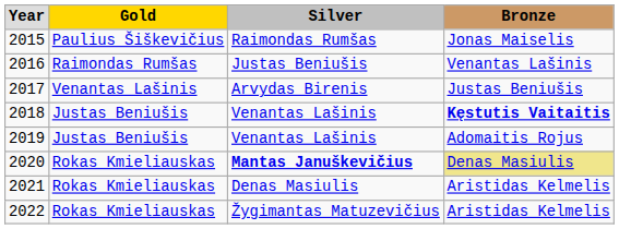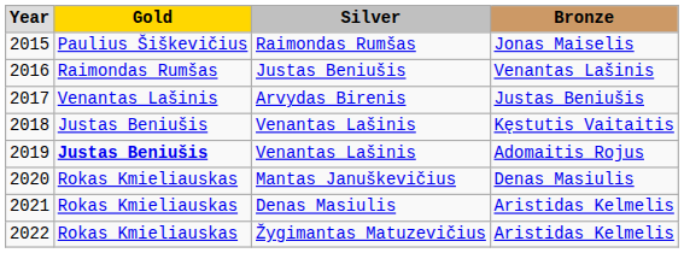 <table class="wikitable sortable alternance" style="font-size:95%">
 <tr style="text-align:center; background:#e4e4e4; font-weight:bold;">
 <td style="background:#ddd; ">Year</td>
 <td style="background:gold; ">Gold</td>
 <td style="background:silver; ">Silver</td>
 <td style="background:#c96; ">Bronze</td>
 </tr>
 <tr>
 <td>2015</td>
 <td><a href='#'>Paulius Šiškevičius</a></td>
 <td><a href='#'>Raimondas Rumšas</a></td>
 <td><a href='#'>Jonas Maiselis</a></td>
 </tr>
 <tr>
 <td>2016</td>
 <td><a href='#'>Raimondas Rumšas</a></td>
 <td><a href='#'>Justas Beniušis</a></td>
 <td><a href='#'>Venantas Lašinis</a></td>
 </tr>
 <tr>
 <td>2017</td>
 <td><a href='#'>Venantas Lašinis</a></td>
 <td><a href='#'>Arvydas Birenis</a></td>
 <td><a href='#'>Justas Beniušis</a></td>
 </tr>
 <tr>
 <td>2018</td>
 <td><a href='#'>Justas Beniušis</a></td>
 <td><a href='#'>Venantas Lašinis</a></td>
-<td><strong><a href='#'>Kęstutis Vaitaitis</a></strong></td>
+<td><a href='#'>Kęstutis Vaitaitis</a></td>
 </tr>
 <tr>
 <td>2019</td>
-<td><a href='#'>Justas Beniušis</a></td>
+<td><strong><a href='#'>Justas Beniušis</a></strong></td>
 <td><a href='#'>Venantas Lašinis</a></td>
 <td><a href='#'>Adomaitis Rojus</a></td>
 </tr>
 <tr>
 <td>2020</td>
 <td><a href='#'>Rokas Kmieliauskas</a></td>
-<td><strong><a href='#'>Mantas Januškevičius</a></strong></td>
-<td style="background: khaki;"><a href='#'>Denas Masiulis</a></td>
+<td><a href='#'>Mantas Januškevičius</a></td>
+<td><a href='#'>Denas Masiulis</a></td>
 </tr>
 <tr>
 <td>2021</td>
 <td><a href='#'>Rokas Kmieliauskas</a></td>
 <td><a href='#'>Denas Masiulis</a></td>
 <td><a href='#'>Aristidas Kelmelis</a></td>
 </tr>
 <tr>
 <td>2022</td>
 <td><a href='#'>Rokas Kmieliauskas</a></td>
 <td><a href='#'>Žygimantas Matuzevičius</a></td>
 <td><a href='#'>Aristidas Kelmelis</a></td>
 </tr>
 </table>
